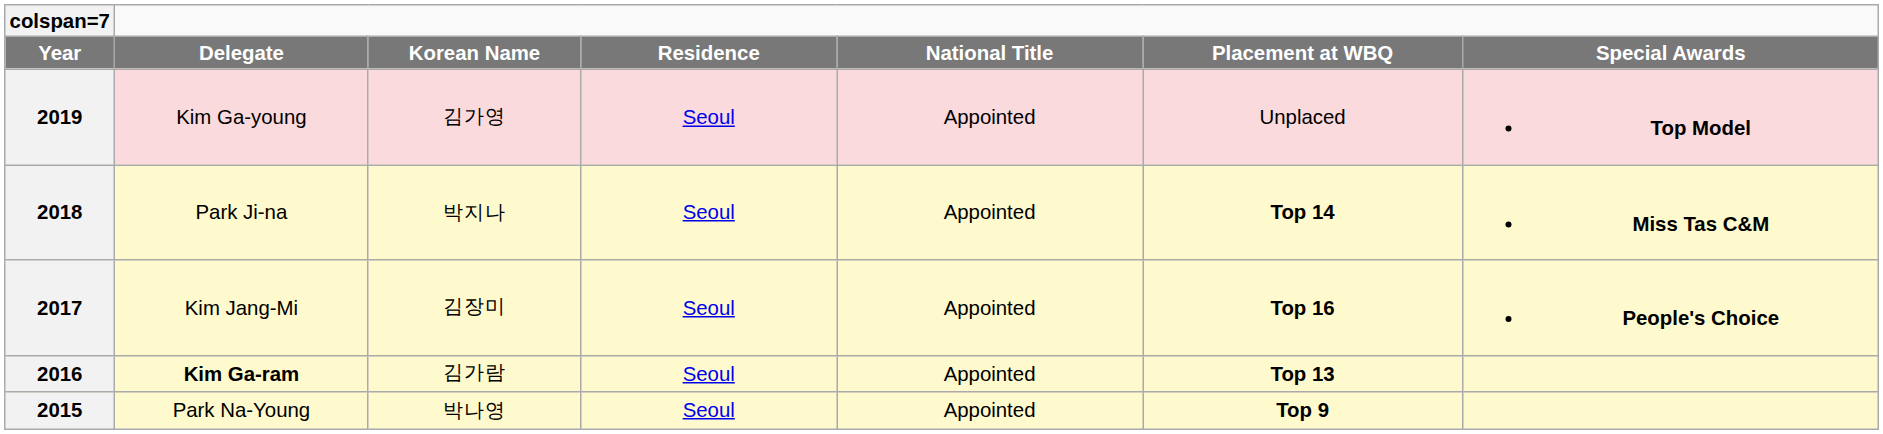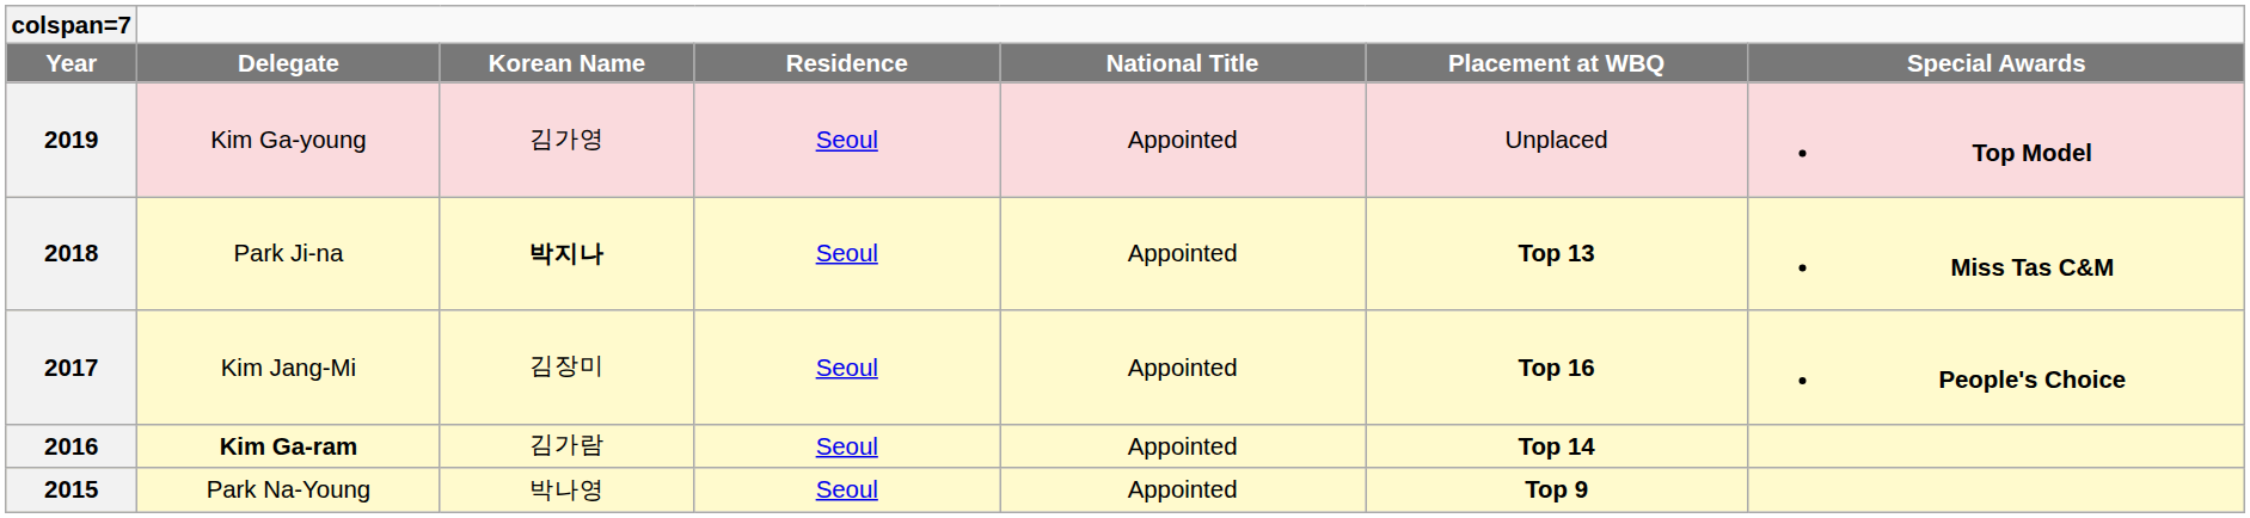 <table class="wikitable sortable" style="font-size: 85%; text-align:center">
 <tr>
 <th>colspan=7 </th>
 </tr>
 <tr>
 <th width="60" style="background-color:#787878;color:#FFFFFF;">Year</th>
 <th width="180" style="background-color:#787878;color:#FFFFFF;">Delegate</th>
 <th width="150" style="background-color:#787878;color:#FFFFFF;">Korean Name</th>
 <th width="180" style="background-color:#787878;color:#FFFFFF;">Residence</th>
 <th width="220" style="background-color:#787878;color:#FFFFFF;">National Title</th>
 <th width="230" style="background-color:#787878;color:#FFFFFF;">Placement at WBQ</th>
 <th width="300" style="background-color:#787878;color:#FFFFFF;">Special Awards</th>
 </tr>
 <tr style="background-color:#FADADD;: bold">
 <th>2019</th>
 <td>Kim Ga-young</td>
 <td>김가영</td>
 <td><a href='#'>Seoul</a></td>
 <td>Appointed</td>
 <td>Unplaced</td>
 <td><br><ul><li><strong>Top Model</strong></li></ul></td>
 </tr>
 <tr style="background-color:#FFFACD;">
 <th>2018</th>
 <td>Park Ji-na</td>
-<td>박지나</td>
+<td><strong>박지나</strong></td>
 <td><a href='#'>Seoul</a></td>
 <td>Appointed</td>
-<td><strong>Top 14</strong></td>
+<td><strong>Top 13</strong></td>
 <td><br><ul><li><strong>Miss Tas C&M</strong></li></ul></td>
 </tr>
 <tr style="background-color:#FFFACD;">
 <th>2017</th>
 <td>Kim Jang-Mi</td>
 <td>김장미</td>
 <td><a href='#'>Seoul</a></td>
 <td>Appointed</td>
 <td><strong>Top 16</strong></td>
 <td><br><ul><li><strong>People's Choice</strong></li></ul></td>
 </tr>
 <tr style="background-color:#FFFACD;">
 <th>2016</th>
 <td><strong>Kim Ga-ram</strong></td>
 <td>김가람</td>
 <td><a href='#'>Seoul</a></td>
 <td>Appointed</td>
-<td><strong>Top 13</strong></td>
+<td><strong>Top 14</strong></td>
 <td></td>
 </tr>
 <tr style="background-color:#FFFACD;">
 <th>2015</th>
 <td>Park Na-Young</td>
 <td>박나영</td>
 <td><a href='#'>Seoul</a></td>
 <td>Appointed</td>
 <td><strong>Top 9</strong></td>
 <td></td>
 </tr>
 </table>
